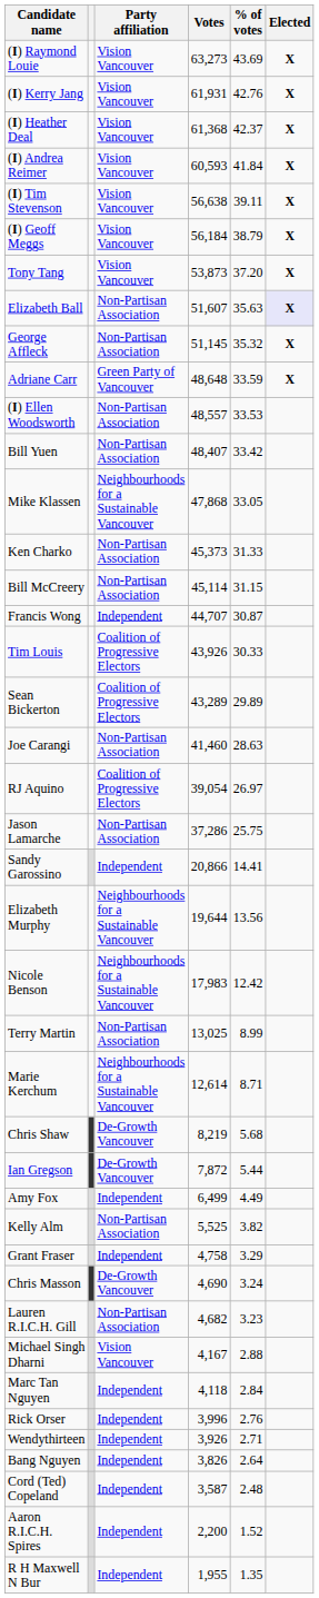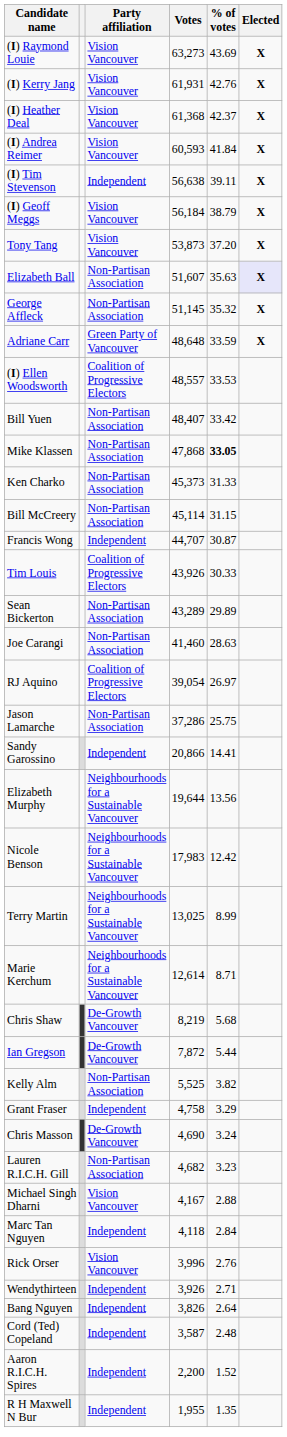 <table class="wikitable sortable" style="width: 60%;">
 <tr>
 <th style="width:20%;">Candidate name</th>
 <th style="width:0.05%;" class="unsortable"></th>
 <th style="width:30%;">Party affiliation</th>
 <th style="width:8%;">Votes</th>
 <th style="width:5%;">% of votes</th>
 <th style="width:5%;">Elected</th>
 </tr>
 <tr>
 <td data-sort-value="Louie, Raymond">(<strong>I</strong>) <a href='#'>Raymond Louie</a></td>
 <td style="background:"></td>
 <td><a href='#'>Vision Vancouver</a></td>
 <td style="text-align: right;">63,273</td>
 <td style="text-align: right;">43.69</td>
 <td style="text-align: center;"><strong>X</strong></td>
 </tr>
 <tr>
 <td data-sort-value="Jang, Kerry">(<strong>I</strong>) <a href='#'>Kerry Jang</a></td>
 <td style="background:"></td>
 <td><a href='#'>Vision Vancouver</a></td>
 <td style="text-align: right;">61,931</td>
 <td style="text-align: right;">42.76</td>
 <td style="text-align: center;"><strong>X</strong></td>
 </tr>
 <tr>
 <td data-sort-value="Deal, Heather">(<strong>I</strong>) <a href='#'>Heather Deal</a></td>
 <td style="background:"></td>
 <td><a href='#'>Vision Vancouver</a></td>
 <td style="text-align: right;">61,368</td>
 <td style="text-align: right;">42.37</td>
 <td style="text-align: center;"><strong>X</strong></td>
 </tr>
 <tr>
 <td data-sort-value="Reimer, Andrea">(<strong>I</strong>) <a href='#'>Andrea Reimer</a></td>
 <td style="background:"></td>
 <td><a href='#'>Vision Vancouver</a></td>
 <td style="text-align: right;">60,593</td>
 <td style="text-align: right;">41.84</td>
 <td style="text-align: center;"><strong>X</strong></td>
 </tr>
 <tr>
 <td data-sort-value="Stevenson, Tim">(<strong>I</strong>) <a href='#'>Tim Stevenson</a></td>
 <td style="background:"></td>
-<td><a href='#'>Vision Vancouver</a></td>
+<td><a href='#'>Independent</a></td>
 <td style="text-align: right;">56,638</td>
 <td style="text-align: right;">39.11</td>
 <td style="text-align: center;"><strong>X</strong></td>
 </tr>
 <tr>
 <td data-sort-value="Meggs, Geoff">(<strong>I</strong>) <a href='#'>Geoff Meggs</a></td>
 <td style="background:"></td>
 <td><a href='#'>Vision Vancouver</a></td>
 <td style="text-align: right;">56,184</td>
 <td style="text-align: right;">38.79</td>
 <td style="text-align: center;"><strong>X</strong></td>
 </tr>
 <tr>
 <td data-sort-value="Tang, Tony"><a href='#'>Tony Tang</a></td>
 <td style="background:"></td>
 <td><a href='#'>Vision Vancouver</a></td>
 <td style="text-align: right;">53,873</td>
 <td style="text-align: right;">37.20</td>
 <td style="text-align: center;"><strong>X</strong></td>
 </tr>
 <tr>
 <td data-sort-value="Ball, Elizabeth"><a href='#'>Elizabeth Ball</a></td>
 <td style="background:"></td>
 <td><a href='#'>Non-Partisan Association</a></td>
 <td style="text-align: right;">51,607</td>
 <td style="text-align: right;">35.63</td>
 <td style="background: lavender; text-align: center;"><strong>X</strong></td>
 </tr>
 <tr>
 <td data-sort-value="Affleck, George"><a href='#'>George Affleck</a></td>
 <td style="background:"></td>
 <td><a href='#'>Non-Partisan Association</a></td>
 <td style="text-align: right;">51,145</td>
 <td style="text-align: right;">35.32</td>
 <td style="text-align: center;"><strong>X</strong></td>
 </tr>
 <tr>
 <td data-sort-value="Carr, Adriane"><a href='#'>Adriane Carr</a></td>
 <td style="background:"></td>
 <td><a href='#'>Green Party of Vancouver</a></td>
 <td style="text-align: right;">48,648</td>
 <td style="text-align: right;">33.59</td>
 <td style="text-align: center;"><strong>X</strong></td>
 </tr>
 <tr>
 <td data-sort-value="Woodsworth, Ellen">(<strong>I</strong>) <a href='#'>Ellen Woodsworth</a></td>
 <td style="background:"></td>
-<td><a href='#'>Non-Partisan Association</a></td>
+<td><a href='#'>Coalition of Progressive Electors</a></td>
 <td style="text-align: right;">48,557</td>
 <td style="text-align: right;">33.53</td>
 <td></td>
 </tr>
 <tr>
 <td data-sort-value="Yuen, Bill">Bill Yuen</td>
 <td style="background:"></td>
 <td><a href='#'>Non-Partisan Association</a></td>
 <td style="text-align: right;">48,407</td>
 <td style="text-align: right;">33.42</td>
 <td></td>
 </tr>
 <tr>
 <td data-sort-value="Klassen, Mike">Mike Klassen</td>
 <td style="background:"></td>
-<td><a href='#'>Neighbourhoods for a Sustainable Vancouver</a></td>
+<td><a href='#'>Non-Partisan Association</a></td>
 <td style="text-align: right;">47,868</td>
-<td style="text-align: right;">33.05</td>
+<td style="text-align: right;"><strong>33.05</strong></td>
 <td></td>
 </tr>
 <tr>
 <td data-sort-value="Charko, Ken">Ken Charko</td>
 <td style="background:"></td>
 <td><a href='#'>Non-Partisan Association</a></td>
 <td style="text-align: right;">45,373</td>
 <td style="text-align: right;">31.33</td>
 <td></td>
 </tr>
 <tr>
 <td data-sort-value="McCreery, Bill">Bill McCreery</td>
 <td style="background:"></td>
 <td><a href='#'>Non-Partisan Association</a></td>
 <td style="text-align: right;">45,114</td>
 <td style="text-align: right;">31.15</td>
 <td></td>
 </tr>
 <tr>
 <td data-sort-value="Wong, Francis">Francis Wong</td>
 <td style="background:"></td>
 <td><a href='#'>Independent</a></td>
 <td style="text-align: right;">44,707</td>
 <td style="text-align: right;">30.87</td>
 <td></td>
 </tr>
 <tr>
 <td data-sort-value="Louis, Tim"><a href='#'>Tim Louis</a></td>
 <td style="background:"></td>
 <td><a href='#'>Coalition of Progressive Electors</a></td>
 <td style="text-align: right;">43,926</td>
 <td style="text-align: right;">30.33</td>
 <td></td>
 </tr>
 <tr>
 <td data-sort-value="Bickerton, Sean">Sean Bickerton</td>
 <td style="background:"></td>
-<td><a href='#'>Coalition of Progressive Electors</a></td>
+<td><a href='#'>Non-Partisan Association</a></td>
 <td style="text-align: right;">43,289</td>
 <td style="text-align: right;">29.89</td>
 <td></td>
 </tr>
 <tr>
 <td data-sort-value="Carangi, Joe">Joe Carangi</td>
 <td style="background:"></td>
 <td><a href='#'>Non-Partisan Association</a></td>
 <td style="text-align: right;">41,460</td>
 <td style="text-align: right;">28.63</td>
 <td></td>
 </tr>
 <tr>
 <td data-sort-value="Aquino, RJ">RJ Aquino</td>
 <td style="background:"></td>
 <td><a href='#'>Coalition of Progressive Electors</a></td>
 <td style="text-align: right;">39,054</td>
 <td style="text-align: right;">26.97</td>
 <td></td>
 </tr>
 <tr>
 <td data-sort-value="Lamarche, Jason">Jason Lamarche</td>
 <td style="background:"></td>
 <td><a href='#'>Non-Partisan Association</a></td>
 <td style="text-align: right;">37,286</td>
 <td style="text-align: right;">25.75</td>
 <td></td>
 </tr>
 <tr>
 <td data-sort-value="Garossino, Sandy">Sandy Garossino</td>
 <td style="background:gainsboro;"></td>
 <td><a href='#'>Independent</a></td>
 <td style="text-align: right;">20,866</td>
 <td style="text-align: right;">14.41</td>
 <td></td>
 </tr>
 <tr>
 <td data-sort-value="Murphy, Elizabeth">Elizabeth Murphy</td>
 <td style="background:"></td>
 <td><a href='#'>Neighbourhoods for a Sustainable Vancouver</a></td>
 <td style="text-align: right;">19,644</td>
 <td style="text-align: right;">13.56</td>
 <td></td>
 </tr>
 <tr>
 <td data-sort-value="Benson, Nicole">Nicole Benson</td>
 <td style="background:"></td>
 <td><a href='#'>Neighbourhoods for a Sustainable Vancouver</a></td>
 <td style="text-align: right;">17,983</td>
 <td style="text-align: right;">12.42</td>
 <td></td>
 </tr>
 <tr>
 <td data-sort-value="Martin, Terry">Terry Martin</td>
 <td style="background:"></td>
-<td><a href='#'>Non-Partisan Association</a></td>
+<td><a href='#'>Neighbourhoods for a Sustainable Vancouver</a></td>
 <td style="text-align: right;">13,025</td>
 <td style="text-align: right;">8.99</td>
 <td></td>
 </tr>
 <tr>
 <td data-sort-value="Kerchum, Marie">Marie Kerchum</td>
 <td style="background:"></td>
 <td><a href='#'>Neighbourhoods for a Sustainable Vancouver</a></td>
 <td style="text-align: right;">12,614</td>
 <td style="text-align: right;">8.71</td>
 <td></td>
 </tr>
 <tr>
 <td data-sort-value="Shaw, Chris">Chris Shaw</td>
 <td style="background:#333333;"></td>
 <td><a href='#'>De-Growth Vancouver</a></td>
 <td style="text-align: right;">8,219</td>
 <td style="text-align: right;">5.68</td>
 <td></td>
 </tr>
 <tr>
 <td data-sort-value="Gregson, Ian"><a href='#'>Ian Gregson</a></td>
 <td style="background:#333333;"></td>
 <td><a href='#'>De-Growth Vancouver</a></td>
 <td style="text-align: right;">7,872</td>
 <td style="text-align: right;">5.44</td>
-<td></td>
-</tr>
-<tr>
-<td data-sort-value="Fox, Amy">Amy Fox</td>
-<td style="background:gainsboro;"></td>
-<td><a href='#'>Independent</a></td>
-<td style="text-align: right;">6,499</td>
-<td style="text-align: right;">4.49</td>
 <td></td>
 </tr>
 <tr>
 <td data-sort-value="Alm, Kelly">Kelly Alm</td>
 <td style="background:gainsboro;"></td>
 <td><a href='#'>Non-Partisan Association</a></td>
 <td style="text-align: right;">5,525</td>
 <td style="text-align: right;">3.82</td>
 <td></td>
 </tr>
 <tr>
 <td data-sort-value="Fraser, Grant">Grant Fraser</td>
 <td style="background:gainsboro;"></td>
 <td><a href='#'>Independent</a></td>
 <td style="text-align: right;">4,758</td>
 <td style="text-align: right;">3.29</td>
 <td></td>
 </tr>
 <tr>
 <td data-sort-value="Masson, Chris">Chris Masson</td>
 <td style="background:#333333;"></td>
 <td><a href='#'>De-Growth Vancouver</a></td>
 <td style="text-align: right;">4,690</td>
 <td style="text-align: right;">3.24</td>
 <td></td>
 </tr>
 <tr>
 <td data-sort-value="Gill, Lauren R.I.C.H.">Lauren R.I.C.H. Gill</td>
 <td style="background:gainsboro;"></td>
 <td><a href='#'>Non-Partisan Association</a></td>
 <td style="text-align: right;">4,682</td>
 <td style="text-align: right;">3.23</td>
 <td></td>
 </tr>
 <tr>
 <td data-sort-value="Dharni, Michael Singh">Michael Singh Dharni</td>
 <td style="background:gainsboro;"></td>
 <td><a href='#'>Vision Vancouver</a></td>
 <td style="text-align: right;">4,167</td>
 <td style="text-align: right;">2.88</td>
 <td></td>
 </tr>
 <tr>
 <td data-sort-value="Nguyen, Marc Tan">Marc Tan Nguyen</td>
 <td style="background:gainsboro;"></td>
 <td><a href='#'>Independent</a></td>
 <td style="text-align: right;">4,118</td>
 <td style="text-align: right;">2.84</td>
 <td></td>
 </tr>
 <tr>
 <td data-sort-value="Orser, Rick">Rick Orser</td>
 <td style="background:gainsboro;"></td>
-<td><a href='#'>Independent</a></td>
+<td><a href='#'>Vision Vancouver</a></td>
 <td style="text-align: right;">3,996</td>
 <td style="text-align: right;">2.76</td>
 <td></td>
 </tr>
 <tr>
 <td>Wendythirteen</td>
 <td style="background:gainsboro;"></td>
 <td><a href='#'>Independent</a></td>
 <td style="text-align: right;">3,926</td>
 <td style="text-align: right;">2.71</td>
 <td></td>
 </tr>
 <tr>
 <td data-sort-value="Nguyen, Bang">Bang Nguyen</td>
 <td style="background:gainsboro;"></td>
 <td><a href='#'>Independent</a></td>
 <td style="text-align: right;">3,826</td>
 <td style="text-align: right;">2.64</td>
 <td></td>
 </tr>
 <tr>
 <td data-sort-value="Copeland, Cord (Ted)">Cord (Ted) Copeland</td>
 <td style="background:gainsboro;"></td>
 <td><a href='#'>Independent</a></td>
 <td style="text-align: right;">3,587</td>
 <td style="text-align: right;">2.48</td>
 <td></td>
 </tr>
 <tr>
 <td data-sort-value="Spires, Aaron R.I.C.H.">Aaron R.I.C.H. Spires</td>
 <td style="background:gainsboro;"></td>
 <td><a href='#'>Independent</a></td>
 <td style="text-align: right;">2,200</td>
 <td style="text-align: right;">1.52</td>
 <td></td>
 </tr>
 <tr>
 <td data-sort-value="Maxwell N Bur, R H">R H Maxwell N Bur</td>
 <td style="background:gainsboro;"></td>
 <td><a href='#'>Independent</a></td>
 <td style="text-align: right;">1,955</td>
 <td style="text-align: right;">1.35</td>
 <td></td>
 </tr>
 </table>
